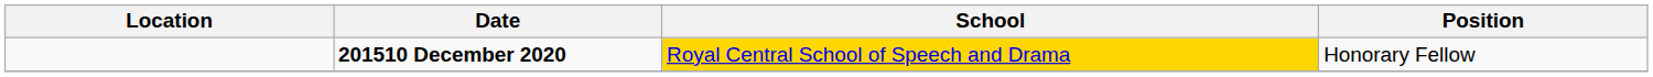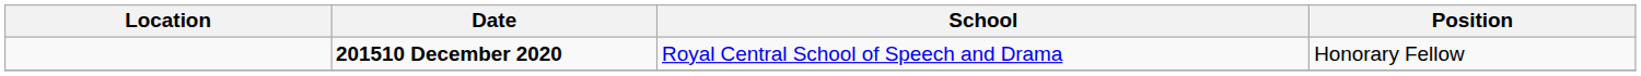 <table class="wikitable" style="width:100%">
 <tr>
 <th style="width:20%;">Location</th>
 <th style="width:20%;">Date</th>
 <th style="width:40%;">School</th>
 <th style="width:20%;">Position</th>
 </tr>
 <tr>
 <td></td>
 <td><strong>201510 December 2020</strong></td>
-<td style="background: gold;"><a href='#'>Royal Central School of Speech and Drama</a></td>
+<td><a href='#'>Royal Central School of Speech and Drama</a></td>
 <td>Honorary Fellow</td>
 </tr>
 <tr>
 </tr>
 </table>
